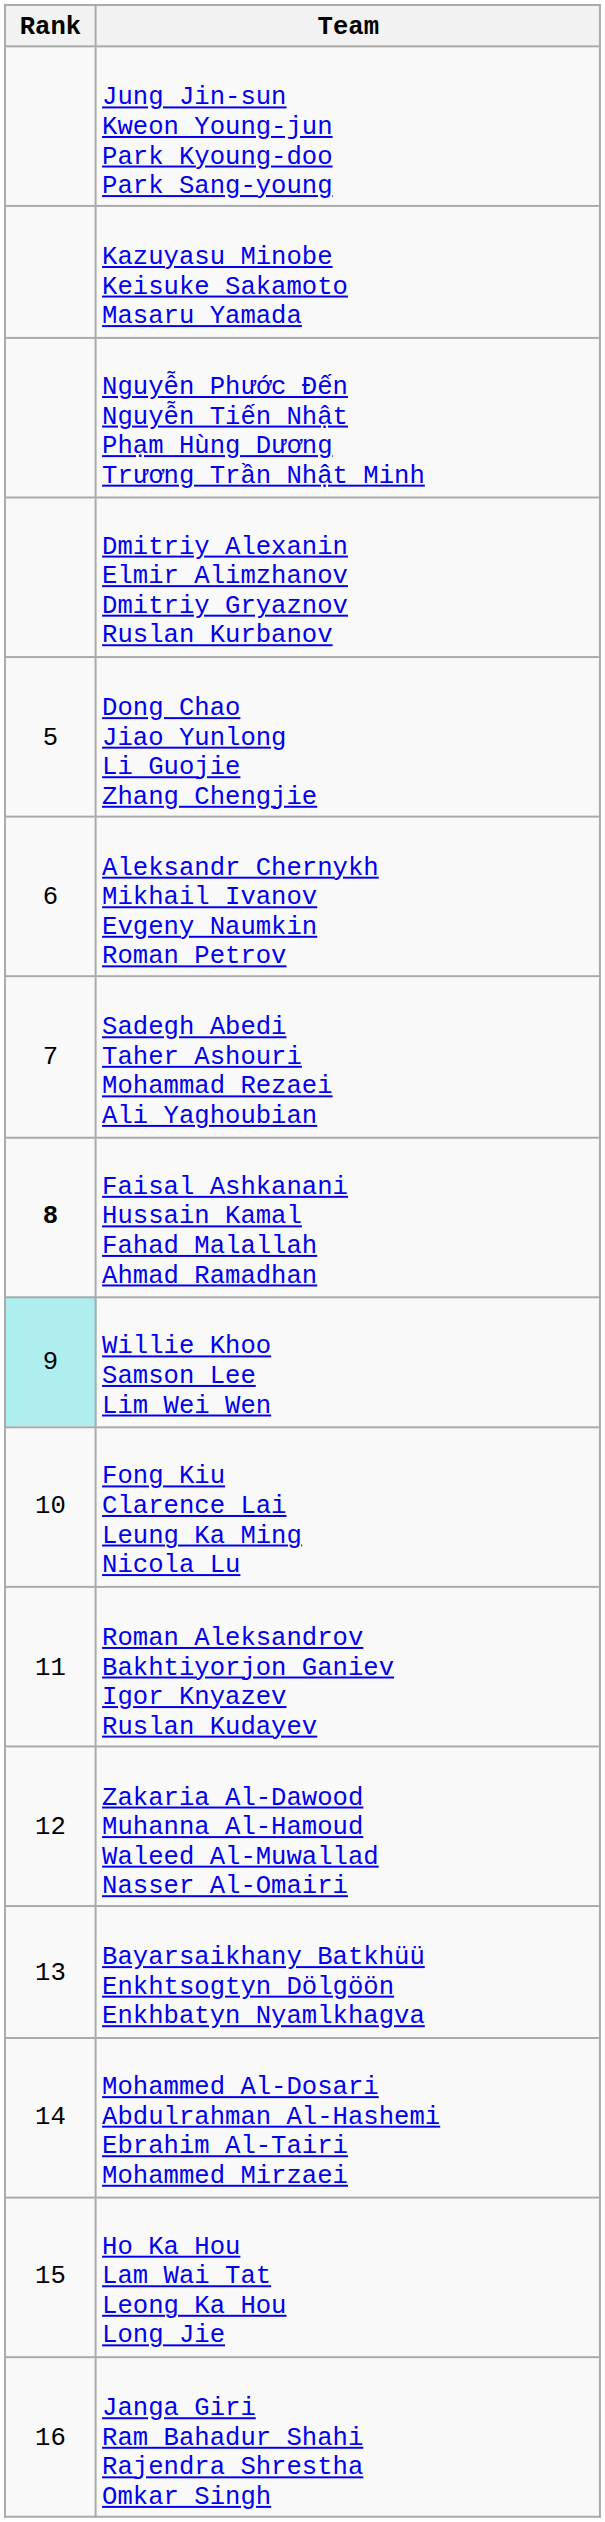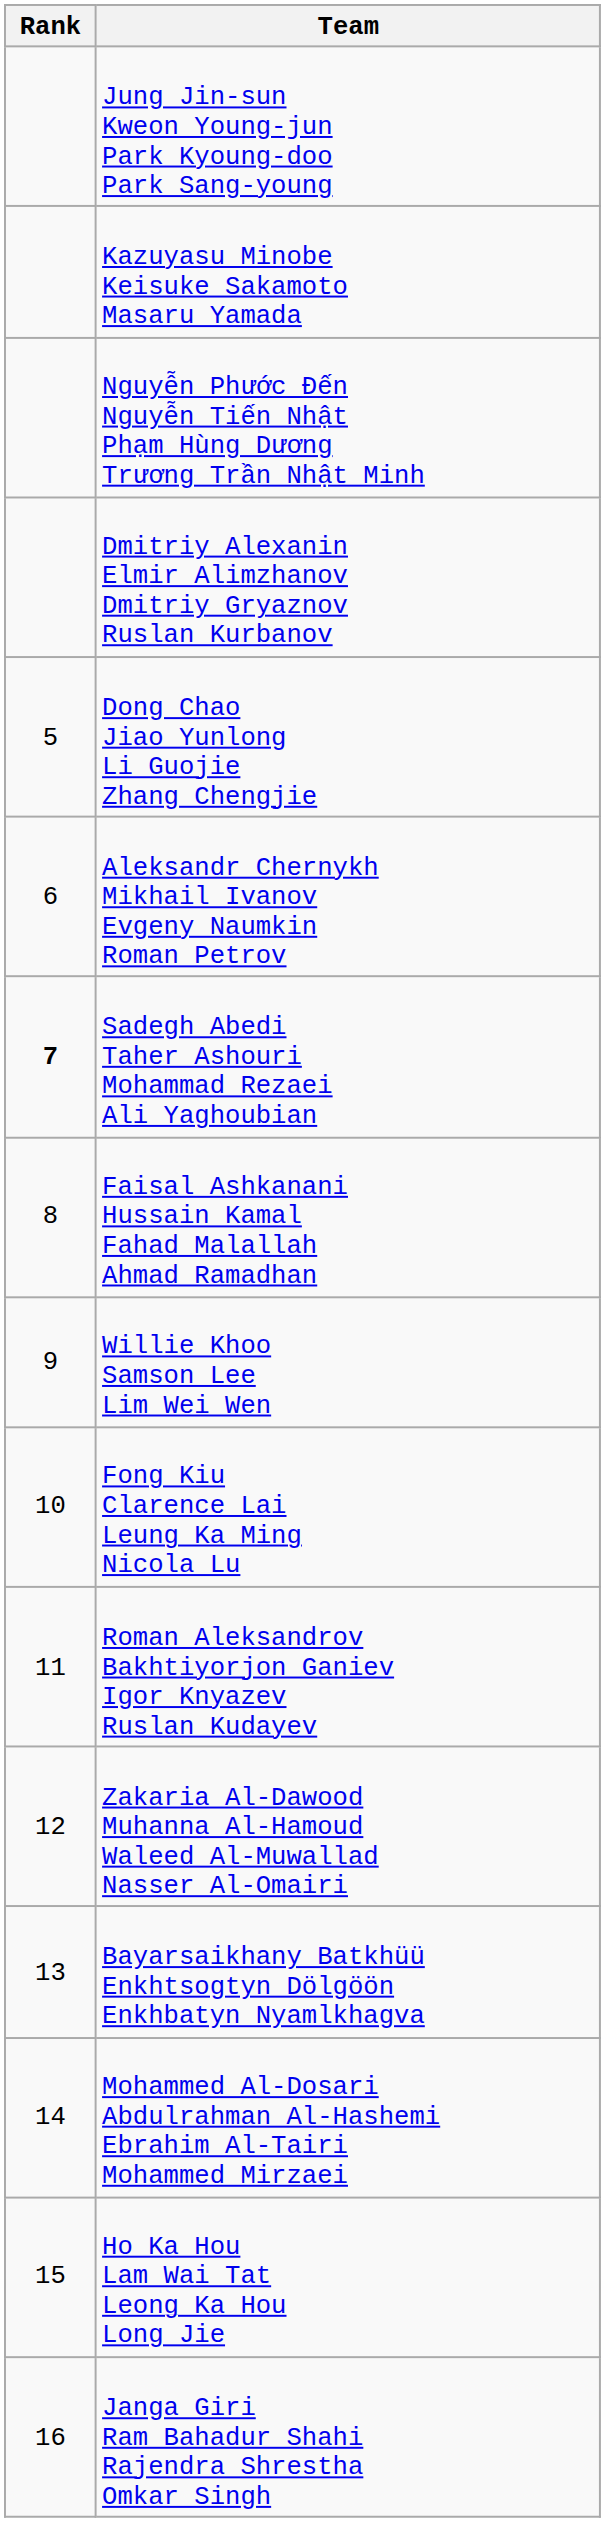 <table class="wikitable" style="text-align: center;">
 <tr>
 <th width=40>Rank</th>
 <th width=250>Team</th>
 </tr>
 <tr>
 <td></td>
 <td align=left><br><a href='#'>Jung Jin-sun</a><br><a href='#'>Kweon Young-jun</a><br><a href='#'>Park Kyoung-doo</a><br><a href='#'>Park Sang-young</a></td>
 </tr>
 <tr>
 <td></td>
 <td align=left><br><a href='#'>Kazuyasu Minobe</a><br><a href='#'>Keisuke Sakamoto</a><br><a href='#'>Masaru Yamada</a></td>
 </tr>
 <tr>
 <td></td>
 <td align=left><br><a href='#'>Nguyễn Phước Đến</a><br><a href='#'>Nguyễn Tiến Nhật</a><br><a href='#'>Phạm Hùng Dương</a><br><a href='#'>Trương Trần Nhật Minh</a></td>
 </tr>
 <tr>
 <td></td>
 <td align=left><br><a href='#'>Dmitriy Alexanin</a><br><a href='#'>Elmir Alimzhanov</a><br><a href='#'>Dmitriy Gryaznov</a><br><a href='#'>Ruslan Kurbanov</a></td>
 </tr>
 <tr>
 <td>5</td>
 <td align=left><br><a href='#'>Dong Chao</a><br><a href='#'>Jiao Yunlong</a><br><a href='#'>Li Guojie</a><br><a href='#'>Zhang Chengjie</a></td>
 </tr>
 <tr>
 <td>6</td>
 <td align=left><br><a href='#'>Aleksandr Chernykh</a><br><a href='#'>Mikhail Ivanov</a><br><a href='#'>Evgeny Naumkin</a><br><a href='#'>Roman Petrov</a></td>
 </tr>
 <tr>
-<td>7</td>
+<td><strong>7</strong></td>
 <td align=left><br><a href='#'>Sadegh Abedi</a><br><a href='#'>Taher Ashouri</a><br><a href='#'>Mohammad Rezaei</a><br><a href='#'>Ali Yaghoubian</a></td>
 </tr>
 <tr>
-<td><strong>8</strong></td>
+<td>8</td>
 <td align=left><br><a href='#'>Faisal Ashkanani</a><br><a href='#'>Hussain Kamal</a><br><a href='#'>Fahad Malallah</a><br><a href='#'>Ahmad Ramadhan</a></td>
 </tr>
 <tr>
-<td style="background: paleturquoise;">9</td>
+<td>9</td>
 <td align=left><br><a href='#'>Willie Khoo</a><br><a href='#'>Samson Lee</a><br><a href='#'>Lim Wei Wen</a></td>
 </tr>
 <tr>
 <td>10</td>
 <td align=left><br><a href='#'>Fong Kiu</a><br><a href='#'>Clarence Lai</a><br><a href='#'>Leung Ka Ming</a><br><a href='#'>Nicola Lu</a></td>
 </tr>
 <tr>
 <td>11</td>
 <td align=left><br><a href='#'>Roman Aleksandrov</a><br><a href='#'>Bakhtiyorjon Ganiev</a><br><a href='#'>Igor Knyazev</a><br><a href='#'>Ruslan Kudayev</a></td>
 </tr>
 <tr>
 <td>12</td>
 <td align=left><br><a href='#'>Zakaria Al-Dawood</a><br><a href='#'>Muhanna Al-Hamoud</a><br><a href='#'>Waleed Al-Muwallad</a><br><a href='#'>Nasser Al-Omairi</a></td>
 </tr>
 <tr>
 <td>13</td>
 <td align=left><br><a href='#'>Bayarsaikhany Batkhüü</a><br><a href='#'>Enkhtsogtyn Dölgöön</a><br><a href='#'>Enkhbatyn Nyamlkhagva</a></td>
 </tr>
 <tr>
 <td>14</td>
 <td align=left><br><a href='#'>Mohammed Al-Dosari</a><br><a href='#'>Abdulrahman Al-Hashemi</a><br><a href='#'>Ebrahim Al-Tairi</a><br><a href='#'>Mohammed Mirzaei</a></td>
 </tr>
 <tr>
 <td>15</td>
 <td align=left><br><a href='#'>Ho Ka Hou</a><br><a href='#'>Lam Wai Tat</a><br><a href='#'>Leong Ka Hou</a><br><a href='#'>Long Jie</a></td>
 </tr>
 <tr>
 <td>16</td>
 <td align=left><br><a href='#'>Janga Giri</a><br><a href='#'>Ram Bahadur Shahi</a><br><a href='#'>Rajendra Shrestha</a><br><a href='#'>Omkar Singh</a></td>
 </tr>
 </table>
